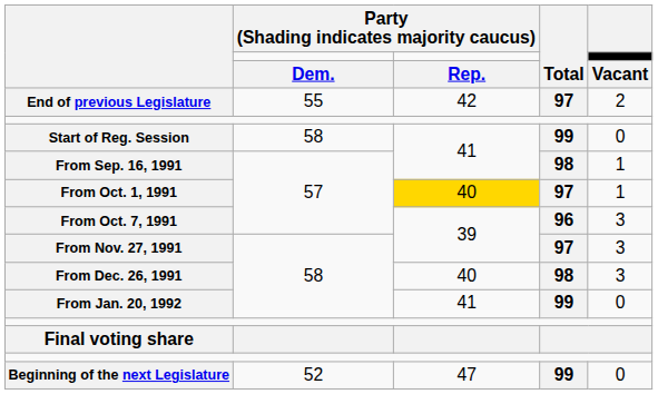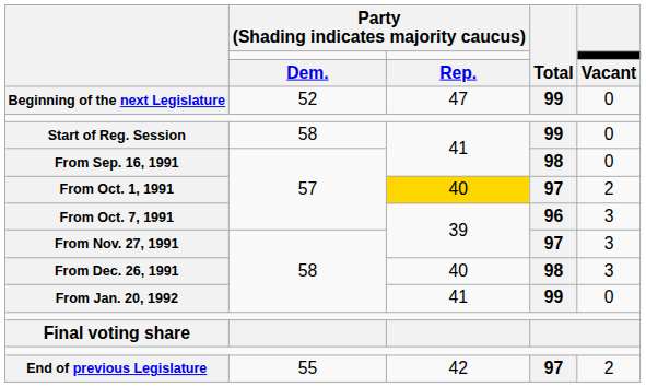 <table class=wikitable style="text-align:center">
 <tr style="vertical-align:bottom;">
 <th rowspan=3></th>
 <th colspan=2>Party <div>(Shading indicates majority caucus)</div></th>
 <th rowspan=3>Total</th>
 <th></th>
 </tr>
 <tr style="height:5px">
 <td style="background-color:"></td>
 <td style="background-color:"></td>
 <td style="background:black;"></td>
 </tr>
 <tr>
 <th><a href='#'>Dem.</a></th>
 <th><a href='#'>Rep.</a></th>
 <th>Vacant</th>
 </tr>
 <tr>
-<th style="font-size:80%;">End of <a href='#'>previous Legislature</a></th>
-<td>55</td>
-<td>42</td>
-<th>97</th>
-<td>2</td>
+<th style="font-size:80%;">Beginning of the <a href='#'>next Legislature</a></th>
+<td>52</td>
+<td>47</td>
+<th>99</th>
+<td>0</td>
 </tr>
 <tr>
 <td colspan=5></td>
 </tr>
 <tr>
 <th style="font-size:80%;">Start of Reg. Session</th>
 <td>58</td>
 <td rowspan="2">41</td>
 <th>99</th>
 <td>0</td>
 </tr>
 <tr>
 <th style="font-size:80%;">From Sep. 16, 1991</th>
 <td rowspan="3" >57</td>
 <th>98</th>
-<td>1</td>
+<td>0</td>
 </tr>
 <tr>
 <th style="font-size:80%;">From Oct. 1, 1991</th>
 <td style="background: gold;">40</td>
 <th>97</th>
-<td>1</td>
+<td>2</td>
 </tr>
 <tr>
 <th style="font-size:80%;">From Oct. 7, 1991</th>
 <td rowspan="2">39</td>
 <th>96</th>
 <td>3</td>
 </tr>
 <tr>
 <th style="font-size:80%;">From Nov. 27, 1991</th>
 <td rowspan="3" >58</td>
 <th>97</th>
 <td>3</td>
 </tr>
 <tr>
 <th style="font-size:80%;">From Dec. 26, 1991</th>
 <td>40</td>
 <th>98</th>
 <td>3</td>
 </tr>
 <tr>
 <th style="font-size:80%;">From Jan. 20, 1992</th>
 <td>41</td>
 <th>99</th>
 <td>0</td>
 </tr>
 <tr>
 <td colspan=5></td>
 </tr>
 <tr>
 <th>Final voting share</th>
 <th></th>
 <th></th>
 <th colspan=2></th>
 </tr>
 <tr>
 <td colspan=5></td>
 </tr>
 <tr>
-<th style="font-size:80%;">Beginning of the <a href='#'>next Legislature</a></th>
-<td>52</td>
-<td>47</td>
-<th>99</th>
-<td>0</td>
+<th style="font-size:80%;">End of <a href='#'>previous Legislature</a></th>
+<td>55</td>
+<td>42</td>
+<th>97</th>
+<td>2</td>
 </tr>
 </table>
